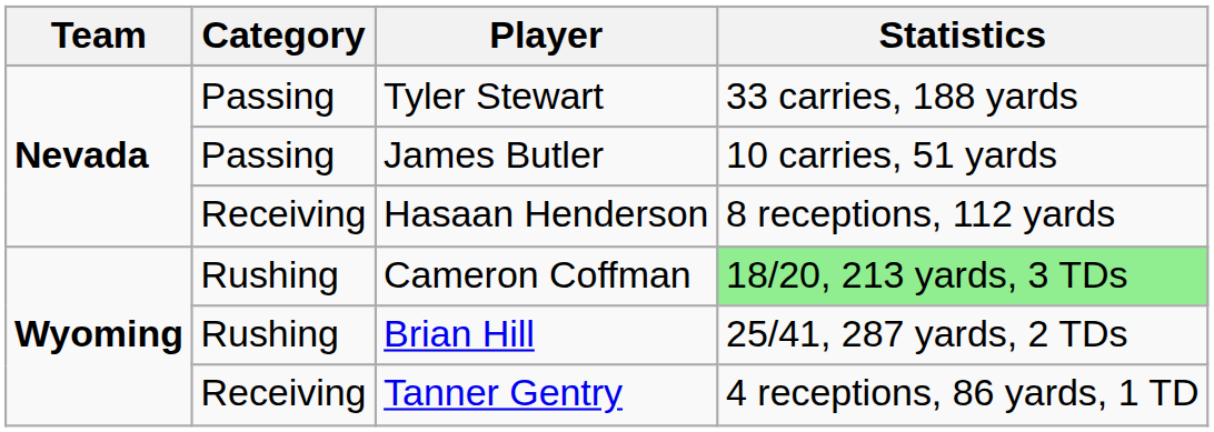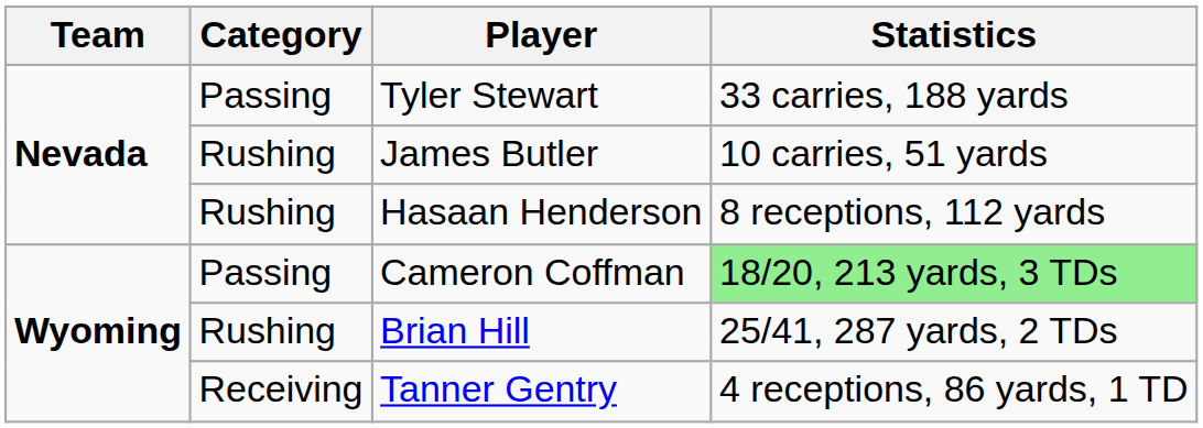 <table class="wikitable" style="float: left;">
 <tr>
 <th>Team</th>
 <th>Category</th>
 <th>Player</th>
 <th>Statistics</th>
 </tr>
 <tr>
 <td rowspan=3><strong>Nevada</strong></td>
 <td>Passing</td>
 <td>Tyler Stewart</td>
 <td>33 carries, 188 yards</td>
 </tr>
 <tr>
-<td>Passing</td>
+<td>Rushing</td>
 <td>James Butler</td>
 <td>10 carries, 51 yards</td>
 </tr>
 <tr>
-<td>Receiving</td>
+<td>Rushing</td>
 <td>Hasaan Henderson</td>
 <td>8 receptions, 112 yards</td>
 </tr>
 <tr>
 <td rowspan=3><strong>Wyoming</strong></td>
-<td>Rushing</td>
+<td>Passing</td>
 <td>Cameron Coffman</td>
 <td style="background: lightgreen;">18/20, 213 yards, 3 TDs</td>
 </tr>
 <tr>
 <td>Rushing</td>
 <td><a href='#'>Brian Hill</a></td>
 <td>25/41, 287 yards, 2 TDs</td>
 </tr>
 <tr>
 <td>Receiving</td>
 <td><a href='#'>Tanner Gentry</a></td>
 <td>4 receptions, 86 yards, 1 TD</td>
 </tr>
 </table>
